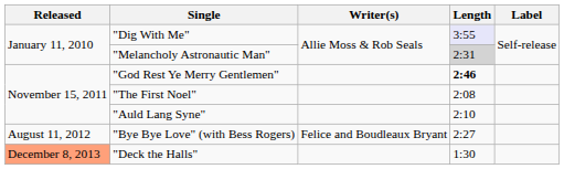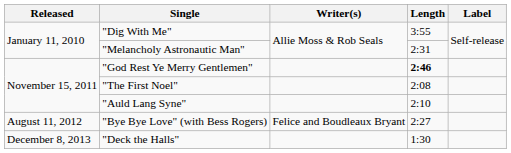 <table class="wikitable">
 <tr>
 <th align="center">Released</th>
 <th align="center">Single</th>
 <th align="center">Writer(s)</th>
 <th align="center">Length</th>
 <th align="center">Label</th>
 </tr>
 <tr>
 <td align="left" rowspan="2">January 11, 2010</td>
 <td>"Dig With Me"</td>
 <td rowspan="2">Allie Moss & Rob Seals</td>
-<td style="background: lavender;">3:55</td>
+<td>3:55</td>
 <td rowspan="2">Self-release</td>
 </tr>
 <tr>
 <td>"Melancholy Astronautic Man"</td>
-<td style="background: lightgrey;">2:31</td>
+<td>2:31</td>
 </tr>
 <tr>
 <td rowspan="3">November 15, 2011</td>
 <td>"God Rest Ye Merry Gentlemen"</td>
 <td></td>
 <td><strong>2:46</strong></td>
 <td></td>
 </tr>
 <tr>
 <td>"The First Noel"</td>
 <td></td>
 <td>2:08</td>
 <td></td>
 </tr>
 <tr>
 <td>"Auld Lang Syne"</td>
 <td></td>
 <td>2:10</td>
 <td></td>
 </tr>
 <tr>
 <td>August 11, 2012</td>
 <td>"Bye Bye Love" (with Bess Rogers)</td>
 <td>Felice and Boudleaux Bryant</td>
 <td>2:27</td>
 <td></td>
 </tr>
 <tr>
-<td style="background: lightsalmon;">December 8, 2013</td>
+<td>December 8, 2013</td>
 <td>"Deck the Halls"</td>
 <td></td>
 <td>1:30</td>
 <td></td>
 </tr>
 </table>
